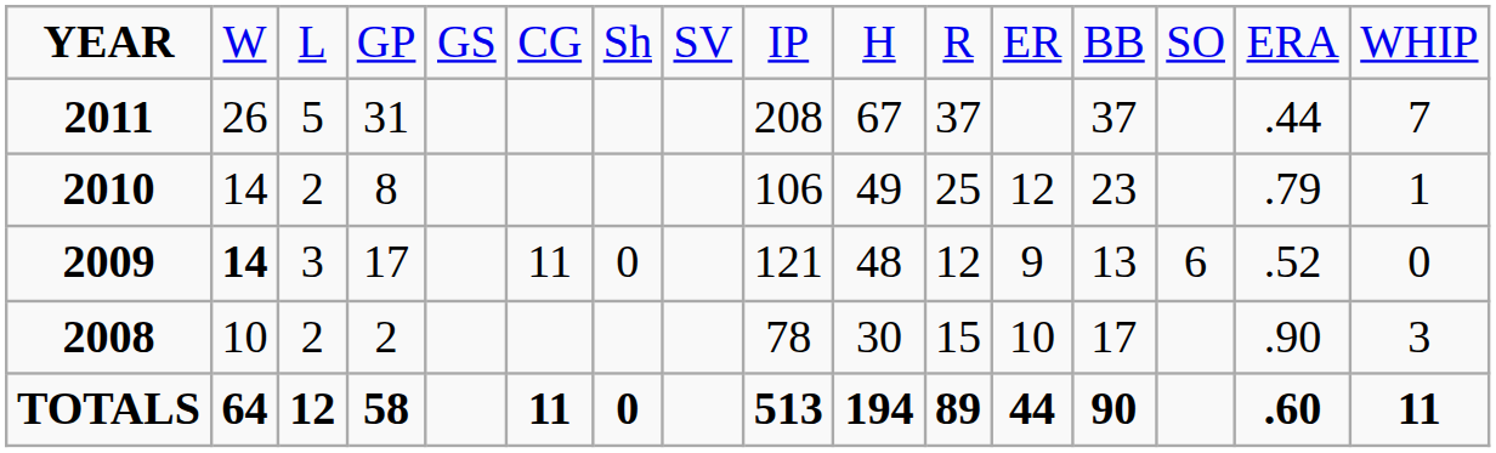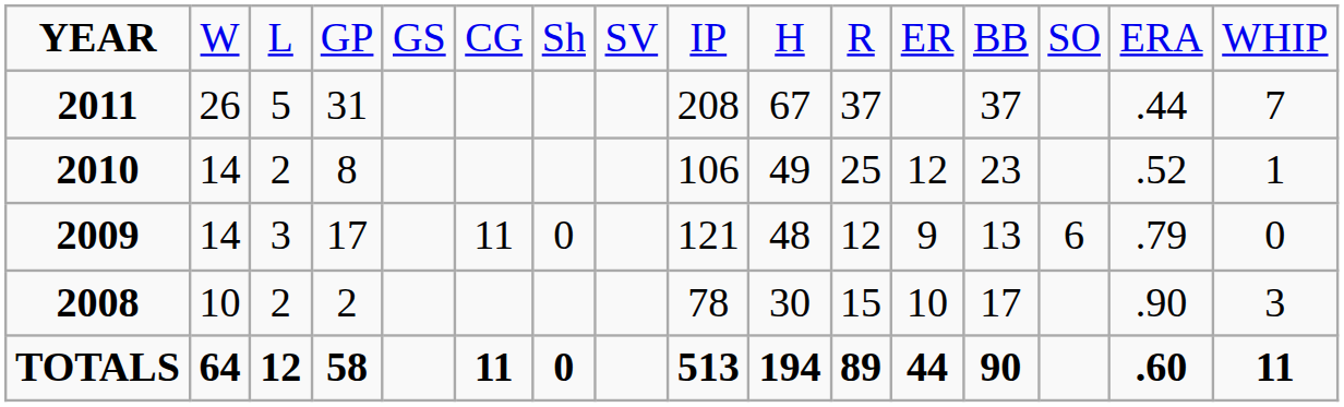 <table class="sortable wikitable" style="text-align:center;">
 <tr>
 <td><strong>YEAR</strong></td>
 <td><a href='#'>W</a></td>
 <td><a href='#'>L</a></td>
 <td><a href='#'>GP</a></td>
 <td><a href='#'>GS</a></td>
 <td><a href='#'>CG</a></td>
 <td><a href='#'>Sh</a></td>
 <td><a href='#'>SV</a></td>
 <td><a href='#'>IP</a></td>
 <td><a href='#'>H</a></td>
 <td><a href='#'>R</a></td>
 <td><a href='#'>ER</a></td>
 <td><a href='#'>BB</a></td>
 <td><a href='#'>SO</a></td>
 <td><a href='#'>ERA</a></td>
 <td><a href='#'>WHIP</a></td>
 </tr>
 <tr>
 <td><strong>2011</strong></td>
 <td>26</td>
 <td>5</td>
 <td>31</td>
 <td></td>
 <td></td>
 <td></td>
 <td></td>
 <td>208</td>
 <td>67</td>
 <td>37</td>
 <td></td>
 <td>37</td>
 <td></td>
 <td>.44</td>
 <td>7</td>
 </tr>
 <tr>
 <td><strong>2010</strong></td>
 <td>14</td>
 <td>2</td>
 <td>8</td>
 <td></td>
 <td></td>
 <td></td>
 <td></td>
 <td>106</td>
 <td>49</td>
 <td>25</td>
 <td>12</td>
 <td>23</td>
 <td></td>
-<td>.79</td>
+<td>.52</td>
 <td>1</td>
 </tr>
 <tr>
 <td><strong>2009</strong></td>
-<td><strong>14</strong></td>
+<td>14</td>
 <td>3</td>
 <td>17</td>
 <td></td>
 <td>11</td>
 <td>0</td>
 <td></td>
 <td>121</td>
 <td>48</td>
 <td>12</td>
 <td>9</td>
 <td>13</td>
 <td>6</td>
-<td>.52</td>
+<td>.79</td>
 <td>0</td>
 </tr>
 <tr>
 <td><strong>2008</strong></td>
 <td>10</td>
 <td>2</td>
 <td>2</td>
 <td></td>
 <td></td>
 <td></td>
 <td></td>
 <td>78</td>
 <td>30</td>
 <td>15</td>
 <td>10</td>
 <td>17</td>
 <td></td>
 <td>.90</td>
 <td>3</td>
 </tr>
 <tr>
 <td><strong>TOTALS</strong></td>
 <td><strong>64</strong></td>
 <td><strong>12</strong></td>
 <td><strong>58</strong></td>
 <td><strong> </strong></td>
 <td><strong>11</strong></td>
 <td><strong>0</strong></td>
 <td><strong> </strong></td>
 <td><strong>513</strong></td>
 <td><strong>194</strong></td>
 <td><strong>89</strong></td>
 <td><strong>44</strong></td>
 <td><strong>90</strong></td>
 <td><strong> </strong></td>
 <td><strong>.60</strong></td>
 <td><strong>11</strong></td>
 </tr>
 </table>
